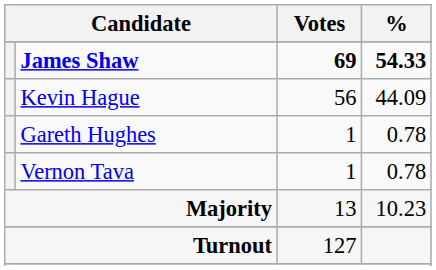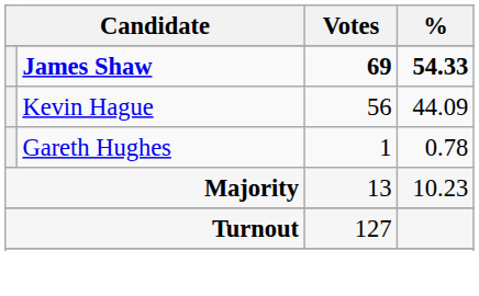 <table class="wikitable" style="font-size: 95%;">
 <tr style="background-color:#E9E9E9">
 <th colspan="2" style="width: 170px">Candidate</th>
 <th style="width: 50px">Votes</th>
 <th style="width: 40px">%</th>
 </tr>
 <tr>
 </tr>
 <tr>
 <th style="background-color: "></th>
 <td style="width: 170px"><strong><a href='#'>James Shaw</a></strong></td>
 <td align="right"><strong>69</strong></td>
 <td align="right"><strong>54.33</strong></td>
 </tr>
 <tr>
 <th style="background-color: "></th>
 <td style="width: 170px"><a href='#'>Kevin Hague</a></td>
 <td align="right">56</td>
 <td align="right">44.09</td>
 </tr>
 <tr>
 <th style="background-color: "></th>
 <td style="width: 170px"><a href='#'>Gareth Hughes</a></td>
 <td align="right">1</td>
 <td align="right">0.78</td>
 </tr>
-<tr>
-<th style="background-color: "></th>
-<td style="width: 170px"><a href='#'>Vernon Tava</a></td>
-<td align="right">1</td>
-<td align="right">0.78</td>
-</tr>
 <tr style="background-color:#F6F6F6">
 <td colspan="2" align="right"><strong>Majority</strong></td>
 <td align="right">13</td>
 <td align="right">10.23</td>
 </tr>
 <tr>
 </tr>
 <tr style="background-color:#F6F6F6">
 <td colspan="2" align="right"><strong>Turnout</strong></td>
 <td align="right">127</td>
 <td></td>
 </tr>
 <tr>
 </tr>
 <tr style="background-color:#F6F6F6">
 </tr>
 </table>
